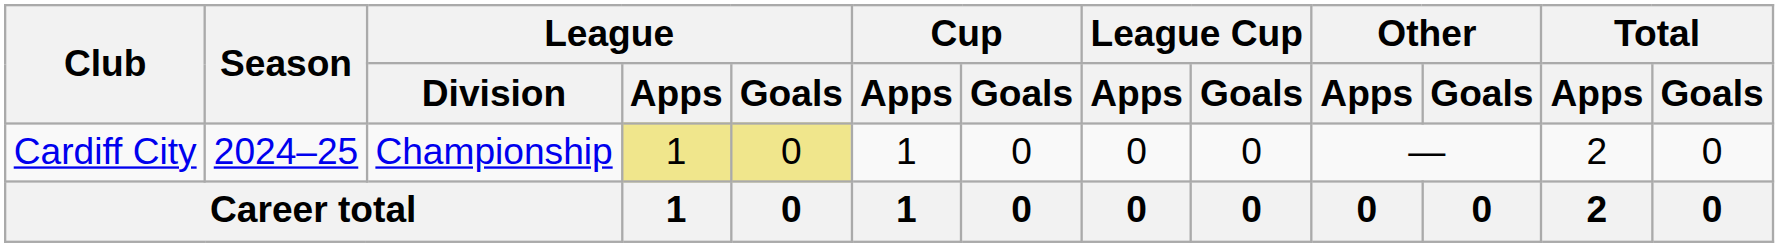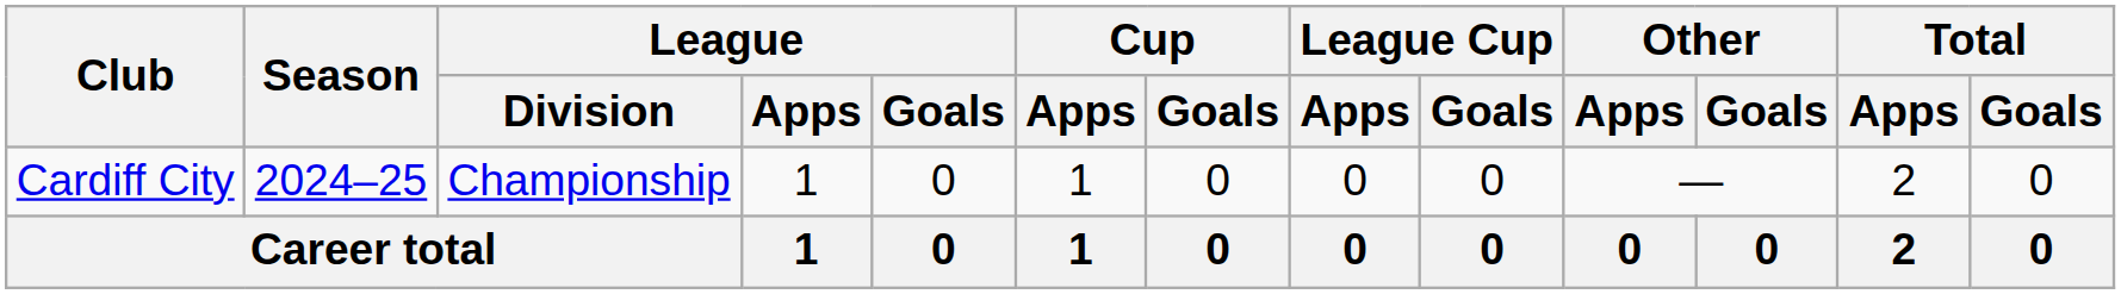 <table class="wikitable" style="text-align: center">
 <tr>
 <th rowspan="2">Club</th>
 <th rowspan="2">Season</th>
 <th colspan="3">League</th>
 <th colspan="2">Cup</th>
 <th colspan="2">League Cup</th>
 <th colspan="2">Other</th>
 <th colspan="2">Total</th>
 </tr>
 <tr>
 <th>Division</th>
 <th>Apps</th>
 <th>Goals</th>
 <th>Apps</th>
 <th>Goals</th>
 <th>Apps</th>
 <th>Goals</th>
 <th>Apps</th>
 <th>Goals</th>
 <th>Apps</th>
 <th>Goals</th>
 </tr>
 <tr>
 <td><a href='#'>Cardiff City</a></td>
 <td><a href='#'>2024–25</a></td>
 <td><a href='#'>Championship</a></td>
-<td style="background: khaki;">1</td>
-<td style="background: khaki;">0</td>
+<td>1</td>
+<td>0</td>
 <td>1</td>
 <td>0</td>
 <td>0</td>
 <td>0</td>
 <td colspan="2">—</td>
 <td>2</td>
 <td>0</td>
 </tr>
 <tr>
 <th colspan="3">Career total</th>
 <th>1</th>
 <th>0</th>
 <th>1</th>
 <th>0</th>
 <th>0</th>
 <th>0</th>
 <th>0</th>
 <th>0</th>
 <th>2</th>
 <th>0</th>
 </tr>
 </table>
